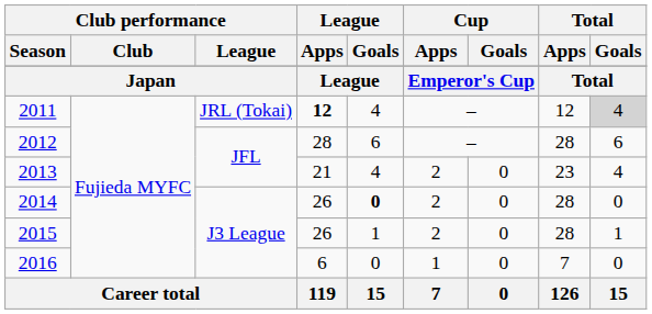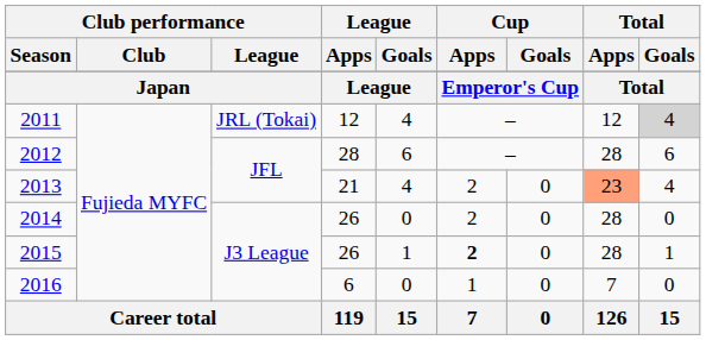 <table class="wikitable" style="text-align:center">
 <tr>
 <th colspan=3>Club performance</th>
 <th colspan=2>League</th>
 <th colspan=2>Cup</th>
 <th colspan=2>Total</th>
 </tr>
 <tr>
 <th>Season</th>
 <th>Club</th>
 <th>League</th>
 <th>Apps</th>
 <th>Goals</th>
 <th>Apps</th>
 <th>Goals</th>
 <th>Apps</th>
 <th>Goals</th>
 </tr>
 <tr>
 </tr>
 <tr>
 <th colspan=3>Japan</th>
 <th colspan=2>League</th>
 <th colspan=2><a href='#'>Emperor's Cup</a></th>
 <th colspan=2>Total</th>
 </tr>
 <tr>
 <td><a href='#'>2011</a></td>
 <td rowspan="6"><a href='#'>Fujieda MYFC</a></td>
 <td><a href='#'>JRL (Tokai)</a></td>
-<td><strong>12</strong></td>
+<td>12</td>
 <td>4</td>
 <td colspan="2">–</td>
 <td>12</td>
 <td style="background: lightgrey;">4</td>
 </tr>
 <tr>
 <td><a href='#'>2012</a></td>
 <td rowspan="2"><a href='#'>JFL</a></td>
 <td>28</td>
 <td>6</td>
 <td colspan="2">–</td>
 <td>28</td>
 <td>6</td>
 </tr>
 <tr>
 <td><a href='#'>2013</a></td>
 <td>21</td>
 <td>4</td>
 <td>2</td>
 <td>0</td>
-<td>23</td>
+<td style="background: lightsalmon;">23</td>
 <td>4</td>
 </tr>
 <tr>
 <td><a href='#'>2014</a></td>
 <td rowspan="3"><a href='#'>J3 League</a></td>
 <td>26</td>
-<td><strong>0</strong></td>
+<td>0</td>
 <td>2</td>
 <td>0</td>
 <td>28</td>
 <td>0</td>
 </tr>
 <tr>
 <td><a href='#'>2015</a></td>
 <td>26</td>
 <td>1</td>
-<td>2</td>
+<td><strong>2</strong></td>
 <td>0</td>
 <td>28</td>
 <td>1</td>
 </tr>
 <tr>
 <td><a href='#'>2016</a></td>
 <td>6</td>
 <td>0</td>
 <td>1</td>
 <td>0</td>
 <td>7</td>
 <td>0</td>
 </tr>
 <tr>
 <th colspan=3>Career total</th>
 <th>119</th>
 <th>15</th>
 <th>7</th>
 <th>0</th>
 <th>126</th>
 <th>15</th>
 </tr>
 </table>
